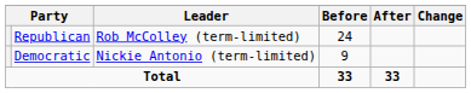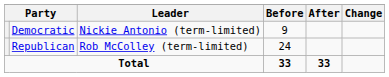 <table class="wikitable" style="text-align:center;">
 <tr>
 </tr>
 <tr>
 <th colspan=2>Party</th>
 <th>Leader</th>
 <th style="width:3em">Before</th>
 <th style="width:3em">After</th>
 <th style="width:3em">Change</th>
 </tr>
 <tr>
 <th style="background-color:"></th>
-<td style="text-align:left;"><a href='#'>Republican</a></td>
-<td style="text-align:left;"><a href='#'>Rob McColley</a> (term-limited)</td>
-<td>24</td>
+<td style="text-align:left;"><a href='#'>Democratic</a></td>
+<td style="text-align:left;"><a href='#'>Nickie Antonio</a> (term-limited)</td>
+<td>9</td>
 <td></td>
 <td></td>
 </tr>
 <tr>
 <th style="background-color:"></th>
-<td style="text-align:left;"><a href='#'>Democratic</a></td>
-<td style="text-align:left;"><a href='#'>Nickie Antonio</a> (term-limited)</td>
-<td>9</td>
+<td style="text-align:left;"><a href='#'>Republican</a></td>
+<td style="text-align:left;"><a href='#'>Rob McColley</a> (term-limited)</td>
+<td>24</td>
 <td></td>
 <td></td>
 </tr>
 <tr>
 <td colspan=3><strong>Total</strong></td>
 <td><strong>33</strong></td>
 <td><strong>33</strong></td>
 <td></td>
 </tr>
 </table>
